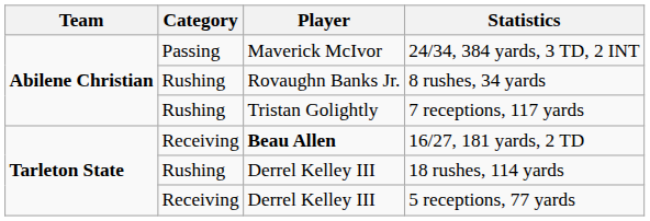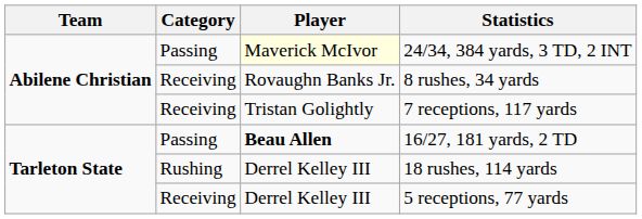 <table class="wikitable" style="float: left;">
 <tr>
 <th>Team</th>
 <th>Category</th>
 <th>Player</th>
 <th>Statistics</th>
 </tr>
 <tr>
 <td rowspan=3><strong>Abilene Christian</strong></td>
 <td>Passing</td>
-<td>Maverick McIvor</td>
+<td style="background: lightyellow;">Maverick McIvor</td>
 <td>24/34, 384 yards, 3 TD, 2 INT</td>
 </tr>
 <tr>
-<td>Rushing</td>
+<td>Receiving</td>
 <td>Rovaughn Banks Jr.</td>
 <td>8 rushes, 34 yards</td>
 </tr>
 <tr>
-<td>Rushing</td>
+<td>Receiving</td>
 <td>Tristan Golightly</td>
 <td>7 receptions, 117 yards</td>
 </tr>
 <tr>
 <td rowspan=3><strong>Tarleton State</strong></td>
-<td>Receiving</td>
+<td>Passing</td>
 <td><strong>Beau Allen</strong></td>
 <td>16/27, 181 yards, 2 TD</td>
 </tr>
 <tr>
 <td>Rushing</td>
 <td>Derrel Kelley III</td>
 <td>18 rushes, 114 yards</td>
 </tr>
 <tr>
 <td>Receiving</td>
 <td>Derrel Kelley III</td>
 <td>5 receptions, 77 yards</td>
 </tr>
 </table>
